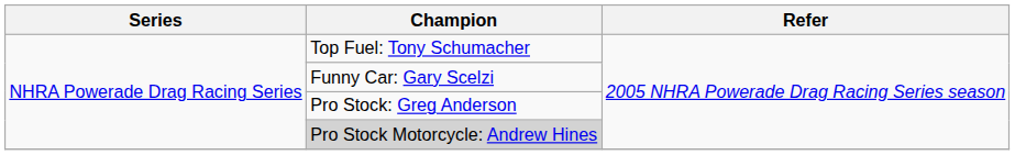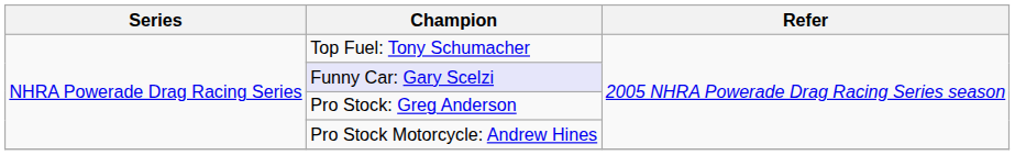 <table class="wikitable" style="font-size:87%;">
 <tr>
 <th>Series</th>
 <th>Champion</th>
 <th>Refer</th>
 </tr>
 <tr>
 <td rowspan=4><a href='#'>NHRA Powerade Drag Racing Series</a></td>
 <td>Top Fuel:  <a href='#'>Tony Schumacher</a></td>
 <td rowspan=4><em><a href='#'>2005 NHRA Powerade Drag Racing Series season</a></em></td>
 </tr>
 <tr>
-<td>Funny Car:  <a href='#'>Gary Scelzi</a></td>
+<td style="background: lavender;">Funny Car:  <a href='#'>Gary Scelzi</a></td>
 </tr>
 <tr>
 <td>Pro Stock:  <a href='#'>Greg Anderson</a></td>
 </tr>
 <tr>
-<td style="background: lightgrey;">Pro Stock Motorcycle:  <a href='#'>Andrew Hines</a></td>
+<td>Pro Stock Motorcycle:  <a href='#'>Andrew Hines</a></td>
 </tr>
 <tr>
 </tr>
 </table>
